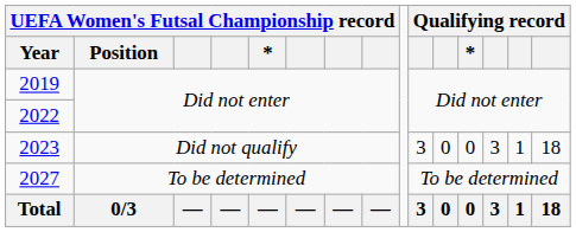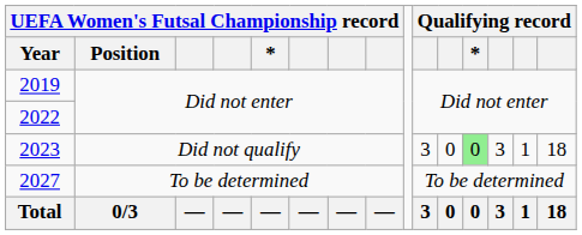 <table class="wikitable" style="text-align: center;">
 <tr>
 <th colspan="8"><a href='#'>UEFA Women's Futsal Championship</a> record</th>
 <td rowspan=17></td>
 <th colspan=6>Qualifying record</th>
 </tr>
 <tr>
 <th>Year</th>
 <th>Position</th>
 <th></th>
 <th></th>
 <th>*</th>
 <th></th>
 <th></th>
 <th></th>
 <th></th>
 <th></th>
 <th>*</th>
 <th></th>
 <th></th>
 <th></th>
 </tr>
 <tr>
 <td> <a href='#'>2019</a></td>
 <td colspan="7" rowspan="2"><em>Did not enter</em></td>
 <td colspan="6" rowspan="2"><em>Did not enter</em></td>
 </tr>
 <tr>
 <td> <a href='#'>2022</a></td>
 </tr>
 <tr>
 <td> <a href='#'>2023</a></td>
 <td colspan="7"><em>Did not qualify</em></td>
 <td>3</td>
 <td>0</td>
-<td>0</td>
+<td style="background: lightgreen;">0</td>
 <td>3</td>
 <td>1</td>
 <td>18</td>
 </tr>
 <tr>
 <td> <a href='#'>2027</a></td>
 <td colspan="7"><em>To be determined</em></td>
 <td colspan=6><em>To be determined</em></td>
 </tr>
 <tr>
 <th>Total</th>
 <th>0/3</th>
 <th>—</th>
 <th>—</th>
 <th>—</th>
 <th>—</th>
 <th>—</th>
 <th>—</th>
 <th>3</th>
 <th>0</th>
 <th>0</th>
 <th>3</th>
 <th>1</th>
 <th>18</th>
 </tr>
 </table>
